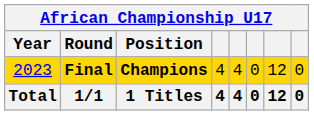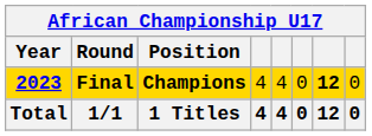 <table class="wikitable" style="text-align: center;">
 <tr>
 <th colspan=8><a href='#'>African Championship U17</a></th>
 </tr>
 <tr>
 <th>Year</th>
 <th>Round</th>
 <th>Position</th>
 <th></th>
 <th></th>
 <th></th>
 <th></th>
 <th></th>
 </tr>
 <tr bgcolor=gold>
-<td> <a href='#'>2023</a></td>
+<td><strong> <a href='#'>2023</a></strong></td>
 <td><strong>Final</strong></td>
 <td><strong>Champions</strong></td>
 <td>4</td>
 <td>4</td>
 <td>0</td>
-<td>12</td>
+<td><strong>12</strong></td>
 <td>0</td>
 </tr>
 <tr>
 <th>Total</th>
 <th>1/1</th>
 <th>1 Titles</th>
 <th>4</th>
 <th>4</th>
 <th>0</th>
 <th>12</th>
 <th>0</th>
 </tr>
 </table>
